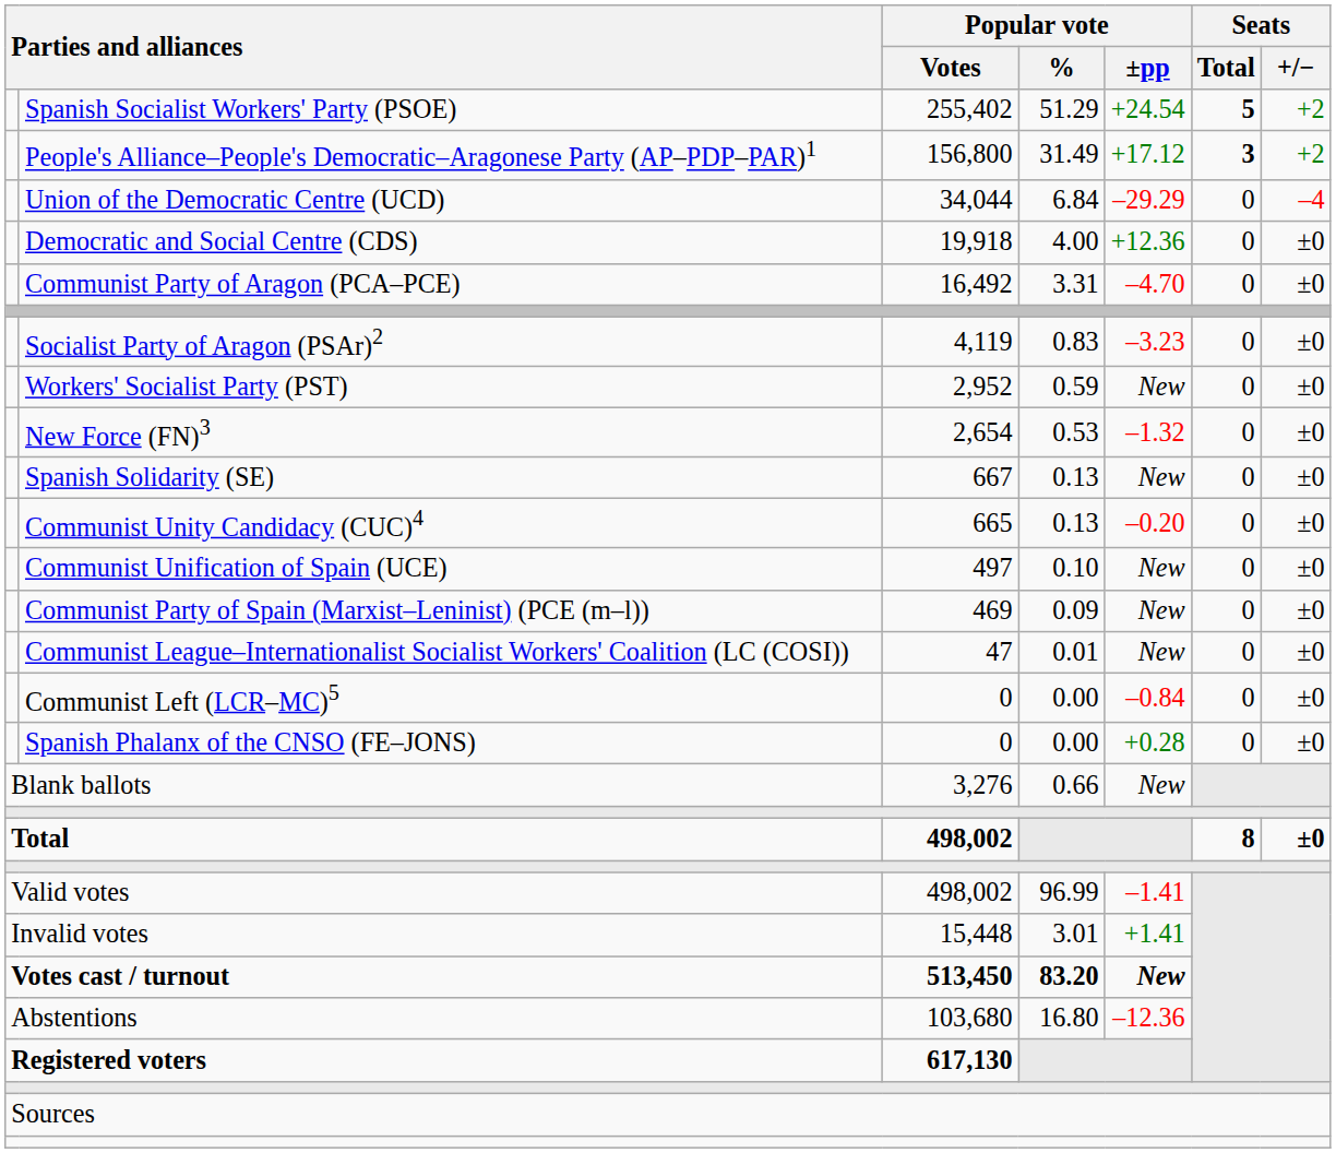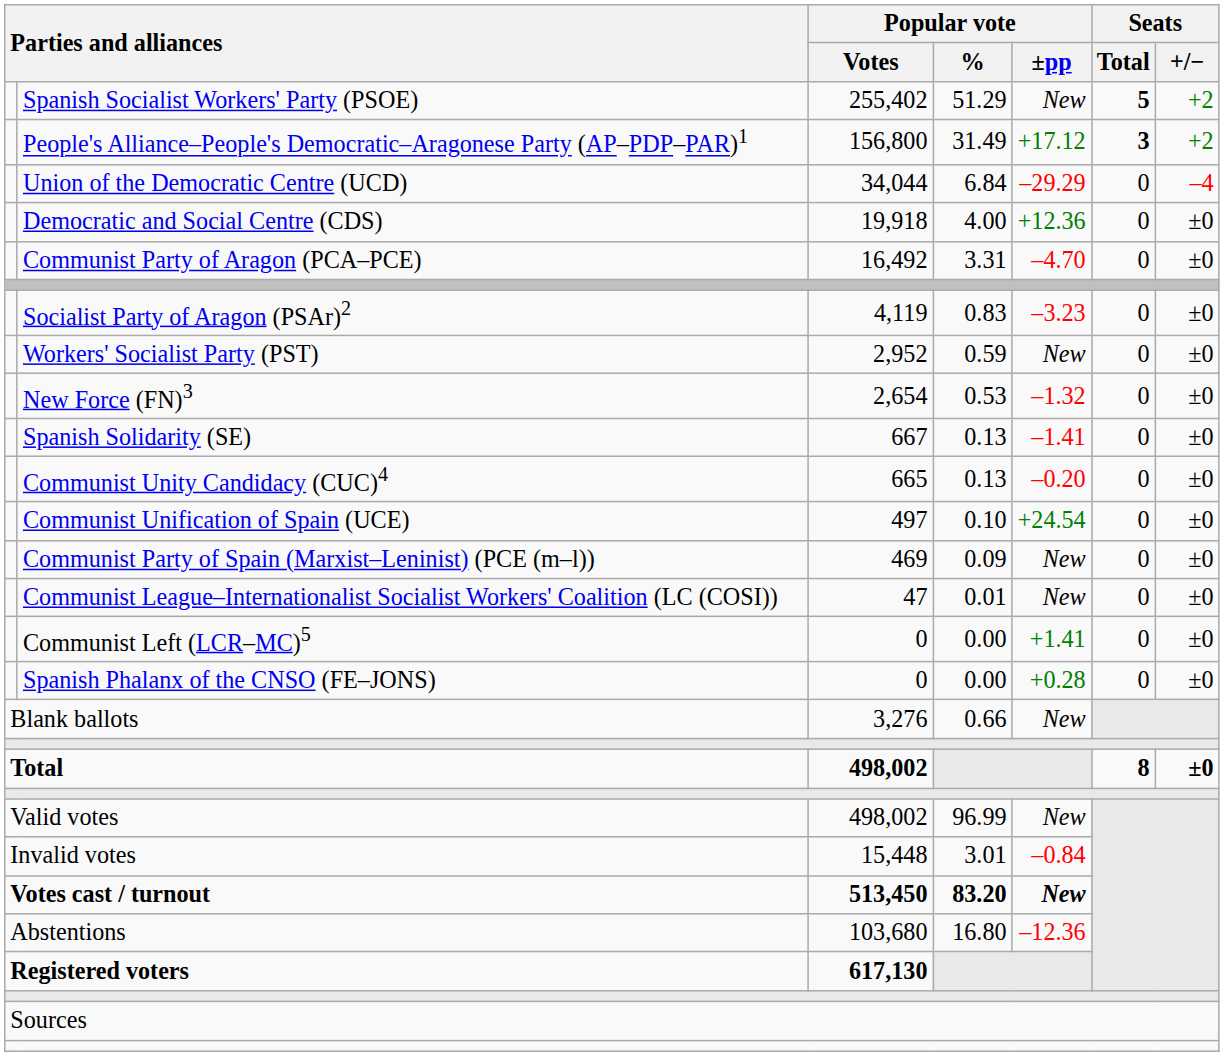 <table class="wikitable" style="text-align:right;">
 <tr>
 <th style="text-align:left;" rowspan="2" colspan="2" width="525">Parties and alliances</th>
 <th colspan="3">Popular vote</th>
 <th colspan="2">Seats</th>
 </tr>
 <tr>
 <th width="75">Votes</th>
 <th width="45">%</th>
 <th width="45">±<a href='#'>pp</a></th>
 <th width="35">Total</th>
 <th width="35">+/−</th>
 </tr>
 <tr>
 <td width="1" style="color:inherit;background:"></td>
 <td align="left"><a href='#'>Spanish Socialist Workers' Party</a> (PSOE)</td>
 <td>255,402</td>
 <td>51.29</td>
-<td style="color:green;">+24.54</td>
+<td><em>New</em></td>
 <td><strong>5</strong></td>
 <td style="color:green;">+2</td>
 </tr>
 <tr>
 <td style="color:inherit;background:"></td>
 <td align="left"><a href='#'>People's Alliance–People's Democratic–Aragonese Party</a> (<a href='#'>AP</a>–<a href='#'>PDP</a>–<a href='#'>PAR</a>)<sup>1</sup></td>
 <td>156,800</td>
 <td>31.49</td>
 <td style="color:green;">+17.12</td>
 <td><strong>3</strong></td>
 <td style="color:green;">+2</td>
 </tr>
 <tr>
 <td style="color:inherit;background:"></td>
 <td align="left"><a href='#'>Union of the Democratic Centre</a> (UCD)</td>
 <td>34,044</td>
 <td>6.84</td>
 <td style="color:red;">–29.29</td>
 <td>0</td>
 <td style="color:red;">–4</td>
 </tr>
 <tr>
 <td style="color:inherit;background:"></td>
 <td align="left"><a href='#'>Democratic and Social Centre</a> (CDS)</td>
 <td>19,918</td>
 <td>4.00</td>
 <td style="color:green;">+12.36</td>
 <td>0</td>
 <td>±0</td>
 </tr>
 <tr>
 <td style="color:inherit;background:"></td>
 <td align="left"><a href='#'>Communist Party of Aragon</a> (PCA–PCE)</td>
 <td>16,492</td>
 <td>3.31</td>
 <td style="color:red;">–4.70</td>
 <td>0</td>
 <td>±0</td>
 </tr>
 <tr>
 <td colspan="7" bgcolor="#C0C0C0"></td>
 </tr>
 <tr>
 <td style="color:inherit;background:"></td>
 <td align="left"><a href='#'>Socialist Party of Aragon</a> (PSAr)<sup>2</sup></td>
 <td>4,119</td>
 <td>0.83</td>
 <td style="color:red;">–3.23</td>
 <td>0</td>
 <td>±0</td>
 </tr>
 <tr>
 <td style="color:inherit;background:"></td>
 <td align="left"><a href='#'>Workers' Socialist Party</a> (PST)</td>
 <td>2,952</td>
 <td>0.59</td>
 <td><em>New</em></td>
 <td>0</td>
 <td>±0</td>
 </tr>
 <tr>
 <td style="color:inherit;background:"></td>
 <td align="left"><a href='#'>New Force</a> (FN)<sup>3</sup></td>
 <td>2,654</td>
 <td>0.53</td>
 <td style="color:red;">–1.32</td>
 <td>0</td>
 <td>±0</td>
 </tr>
 <tr>
 <td style="color:inherit;background:"></td>
 <td align="left"><a href='#'>Spanish Solidarity</a> (SE)</td>
 <td>667</td>
 <td>0.13</td>
-<td><em>New</em></td>
+<td style="color:red;">–1.41</td>
 <td>0</td>
 <td>±0</td>
 </tr>
 <tr>
 <td style="color:inherit;background:"></td>
 <td align="left"><a href='#'>Communist Unity Candidacy</a> (CUC)<sup>4</sup></td>
 <td>665</td>
 <td>0.13</td>
 <td style="color:red;">–0.20</td>
 <td>0</td>
 <td>±0</td>
 </tr>
 <tr>
 <td style="color:inherit;background:"></td>
 <td align="left"><a href='#'>Communist Unification of Spain</a> (UCE)</td>
 <td>497</td>
 <td>0.10</td>
-<td><em>New</em></td>
+<td style="color:green;">+24.54</td>
 <td>0</td>
 <td>±0</td>
 </tr>
 <tr>
 <td style="color:inherit;background:"></td>
 <td align="left"><a href='#'>Communist Party of Spain (Marxist–Leninist)</a> (PCE (m–l))</td>
 <td>469</td>
 <td>0.09</td>
 <td><em>New</em></td>
 <td>0</td>
 <td>±0</td>
 </tr>
 <tr>
 <td style="color:inherit;background:"></td>
 <td align="left"><a href='#'>Communist League–Internationalist Socialist Workers' Coalition</a> (LC (COSI))</td>
 <td>47</td>
 <td>0.01</td>
 <td><em>New</em></td>
 <td>0</td>
 <td>±0</td>
 </tr>
 <tr>
 <td style="color:inherit;background:"></td>
 <td align="left">Communist Left (<a href='#'>LCR</a>–<a href='#'>MC</a>)<sup>5</sup></td>
 <td>0</td>
 <td>0.00</td>
-<td style="color:red;">–0.84</td>
+<td style="color:green;">+1.41</td>
 <td>0</td>
 <td>±0</td>
 </tr>
 <tr>
 <td style="color:inherit;background:"></td>
 <td align="left"><a href='#'>Spanish Phalanx of the CNSO</a> (FE–JONS)</td>
 <td>0</td>
 <td>0.00</td>
 <td style="color:green;">+0.28</td>
 <td>0</td>
 <td>±0</td>
 </tr>
 <tr>
 <td align="left" colspan="2">Blank ballots</td>
 <td>3,276</td>
 <td>0.66</td>
 <td><em>New</em></td>
 <td bgcolor="#E9E9E9" colspan="2"></td>
 </tr>
 <tr>
 <td colspan="7" bgcolor="#E9E9E9"></td>
 </tr>
 <tr style="font-weight:bold;">
 <td align="left" colspan="2">Total</td>
 <td>498,002</td>
 <td bgcolor="#E9E9E9" colspan="2"></td>
 <td>8</td>
 <td>±0</td>
 </tr>
 <tr>
 <td colspan="7" bgcolor="#E9E9E9"></td>
 </tr>
 <tr>
 <td align="left" colspan="2">Valid votes</td>
 <td>498,002</td>
 <td>96.99</td>
-<td style="color:red;">–1.41</td>
+<td><em>New</em></td>
 <td bgcolor="#E9E9E9" colspan="2" rowspan="5"></td>
 </tr>
 <tr>
 <td align="left" colspan="2">Invalid votes</td>
 <td>15,448</td>
 <td>3.01</td>
-<td style="color:green;">+1.41</td>
+<td style="color:red;">–0.84</td>
 </tr>
 <tr style="font-weight:bold;">
 <td align="left" colspan="2">Votes cast / turnout</td>
 <td>513,450</td>
 <td>83.20</td>
 <td><em>New</em></td>
 </tr>
 <tr>
 <td align="left" colspan="2">Abstentions</td>
 <td>103,680</td>
 <td>16.80</td>
 <td style="color:red;">–12.36</td>
 </tr>
 <tr style="font-weight:bold;">
 <td align="left" colspan="2">Registered voters</td>
 <td>617,130</td>
 <td bgcolor="#E9E9E9" colspan="2"></td>
 </tr>
 <tr>
 <td colspan="7" bgcolor="#E9E9E9"></td>
 </tr>
 <tr>
 <td align="left" colspan="7">Sources</td>
 </tr>
 <tr>
 <td colspan="7" style="text-align:left; max-width:790px;"></td>
 </tr>
 </table>
